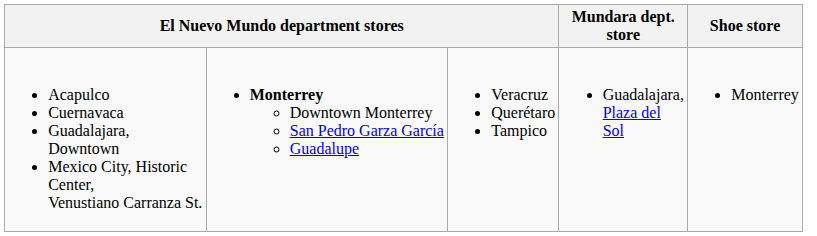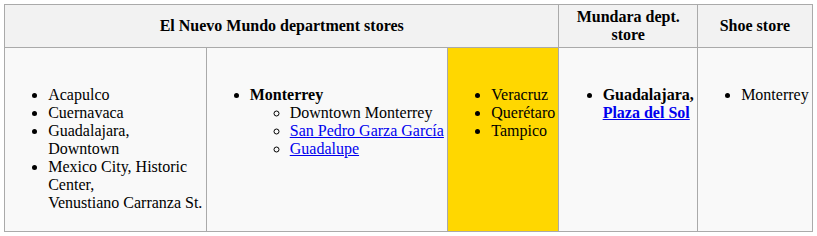 <table class="wikitable">
 <tr>
 <th colspan = 3>El Nuevo Mundo department stores</th>
 <th>Mundara dept. store</th>
 <th>Shoe store</th>
 </tr>
 <tr>
 <td style="vertical-align:top;"><br><ul><li>Acapulco</li><li>Cuernavaca</li><li>Guadalajara, Downtown</li><li>Mexico City, Historic Center,<br>Venustiano Carranza St.</li></ul></td>
 <td style="vertical-align:top;"><br><ul><li><strong>Monterrey</strong><ul><li>Downtown Monterrey</li><li><a href='#'>San Pedro Garza García</a></li><li><a href='#'>Guadalupe</a></li></ul></li></ul></td>
-<td style="vertical-align:top;"><br><ul><li>Veracruz</li><li>Querétaro</li><li>Tampico</li></ul></td>
-<td style="vertical-align:top;"><br><ul><li>Guadalajara, <a href='#'>Plaza del Sol</a></li></ul></td>
+<td style="background: gold; vertical-align:top;"><br><ul><li>Veracruz</li><li>Querétaro</li><li>Tampico</li></ul></td>
+<td style="vertical-align:top;"><strong><br><ul><li>Guadalajara, <a href='#'>Plaza del Sol</a></li></ul></strong></td>
 <td style="vertical-align:top;"><br><ul><li>Monterrey</li></ul></td>
 </tr>
 </table>
